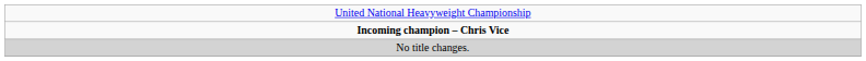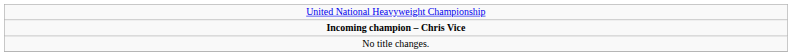 <table class="wikitable" style="text-align:center; width:100%;">
 <tr>
 <td colspan="5" style="text-align: center;"><a href='#'>United National Heavyweight Championship</a></td>
 </tr>
 <tr>
 <td colspan="5" style="text-align: center;"><strong>Incoming champion – Chris Vice</strong></td>
 </tr>
 <tr>
-<td style="background: lightgrey;">No title changes.</td>
+<td>No title changes.</td>
 </tr>
 <tr>
 </tr>
 </table>
